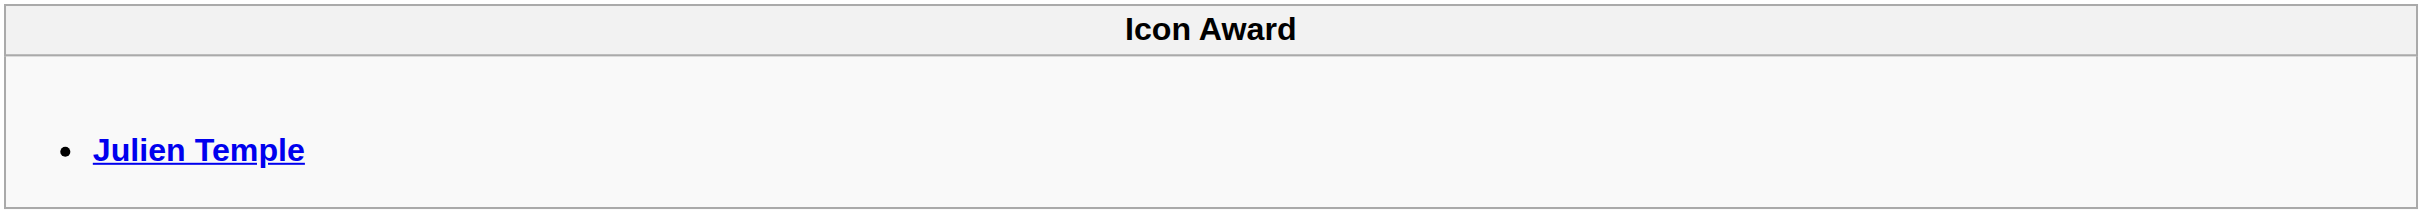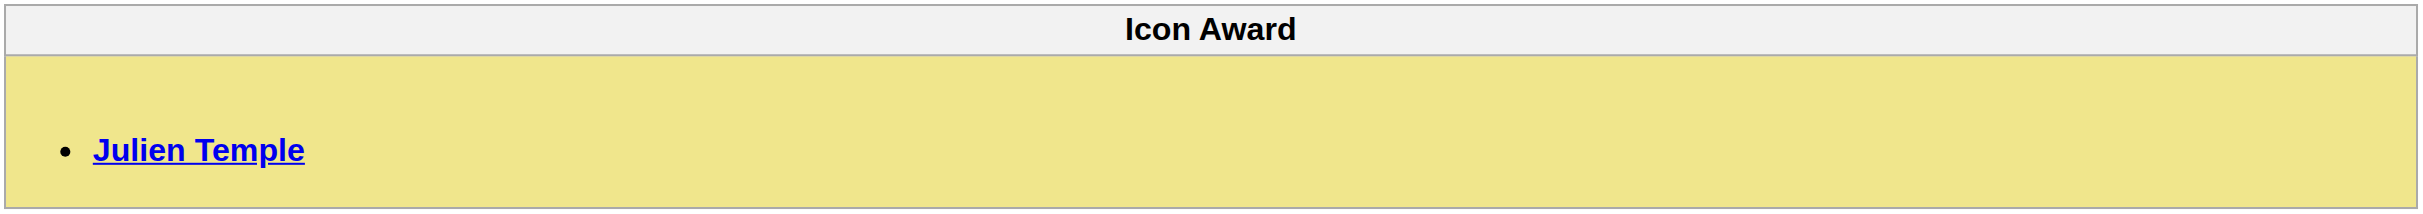 <table class="wikitable" style="width:95%">
 <tr bgcolor="#bebebe">
 <th width="100%">Icon Award</th>
 </tr>
 <tr>
-<td valign="top"><br><ul><li><strong><a href='#'>Julien Temple</a></strong></li></ul></td>
+<td valign="top" style="background: khaki;"><br><ul><li><strong><a href='#'>Julien Temple</a></strong></li></ul></td>
 </tr>
 <tr>
 </tr>
 </table>
